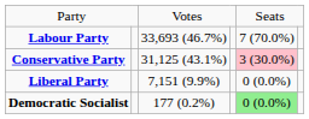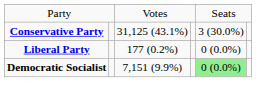 <table class=wikitable style="text-align:center;">
 <tr>
 <td colspan=2>Party</td>
 <td colspan=2>Votes</td>
 <td colspan=2>Seats</td>
 </tr>
 <tr>
-<td><strong><a href='#'>Labour Party</a></strong></td>
-<td style="background:"></td>
-<td>33,693 (46.7%)</td>
-<td></td>
-<td>7 (70.0%)</td>
-<td></td>
-</tr>
-<tr>
 <td><strong><a href='#'>Conservative Party</a></strong></td>
 <td style="background:"></td>
 <td>31,125 (43.1%)</td>
 <td></td>
-<td style="background: pink;">3 (30.0%)</td>
+<td>3 (30.0%)</td>
 <td></td>
 </tr>
 <tr>
 <td><strong><a href='#'>Liberal Party</a></strong></td>
 <td style="background:"></td>
-<td>7,151 (9.9%)</td>
+<td>177 (0.2%)</td>
 <td></td>
 <td>0 (0.0%)</td>
 <td></td>
 </tr>
 <tr>
 <td><strong>Democratic Socialist</strong></td>
 <td style="background:"></td>
-<td>177 (0.2%)</td>
+<td>7,151 (9.9%)</td>
 <td></td>
 <td style="background: lightgreen;">0 (0.0%)</td>
 <td></td>
 </tr>
 </table>
